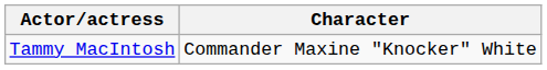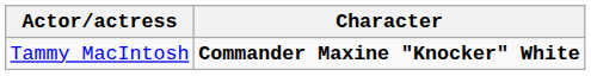 <table class="wikitable">
 <tr>
 <th>Actor/actress</th>
 <th>Character</th>
 </tr>
 <tr>
 <td><a href='#'>Tammy MacIntosh</a></td>
-<td>Commander Maxine "Knocker" White</td>
+<td><strong>Commander Maxine "Knocker" White</strong></td>
 </tr>
 </table>
